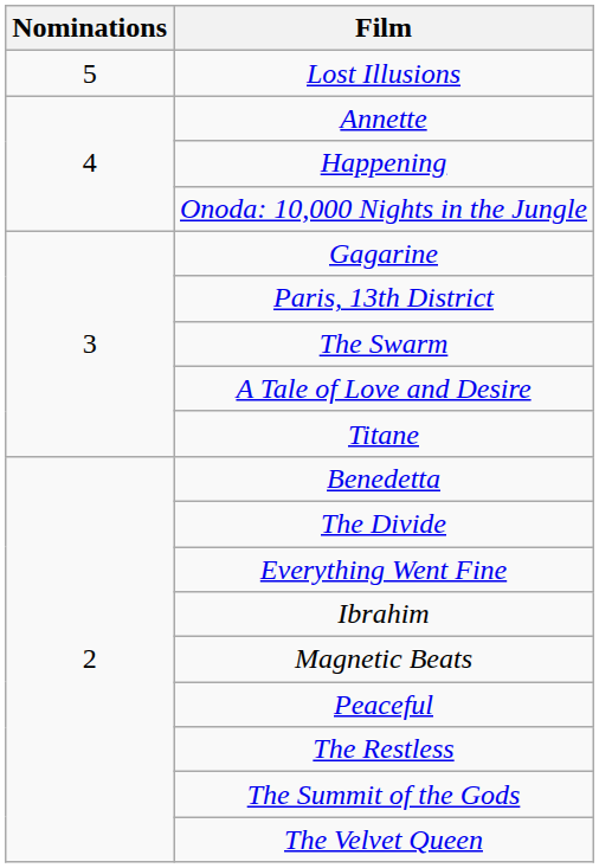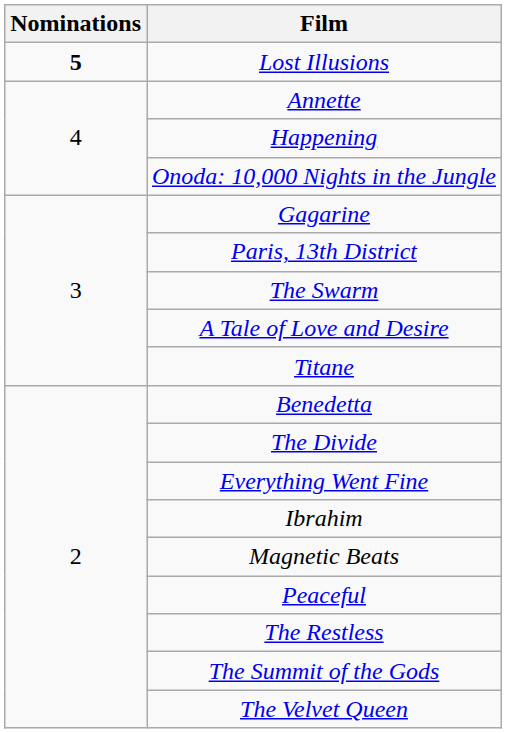 <table class="wikitable plainrowheaders" style="text-align: center;">
 <tr>
 <th scope="col" style="width:55px;">Nominations</th>
 <th scope="col" style="text-align:center;">Film</th>
 </tr>
 <tr>
-<td>5</td>
+<td><strong>5</strong></td>
 <td><em><a href='#'>Lost Illusions</a></em></td>
 </tr>
 <tr>
 <td rowspan="3">4</td>
 <td><em><a href='#'>Annette</a></em></td>
 </tr>
 <tr>
 <td><em><a href='#'>Happening</a></em></td>
 </tr>
 <tr>
 <td><em><a href='#'>Onoda: 10,000 Nights in the Jungle</a></em></td>
 </tr>
 <tr>
 <td rowspan="5">3</td>
 <td><em><a href='#'>Gagarine</a></em></td>
 </tr>
 <tr>
 <td><em><a href='#'>Paris, 13th District</a></em></td>
 </tr>
 <tr>
 <td><em><a href='#'>The Swarm</a></em></td>
 </tr>
 <tr>
 <td><em><a href='#'>A Tale of Love and Desire</a></em></td>
 </tr>
 <tr>
 <td><em><a href='#'>Titane</a></em></td>
 </tr>
 <tr>
 <td rowspan="9">2</td>
 <td><em><a href='#'>Benedetta</a></em></td>
 </tr>
 <tr>
 <td><em><a href='#'>The Divide</a></em></td>
 </tr>
 <tr>
 <td><em><a href='#'>Everything Went Fine</a></em></td>
 </tr>
 <tr>
 <td><em>Ibrahim</em></td>
 </tr>
 <tr>
 <td><em>Magnetic Beats</em></td>
 </tr>
 <tr>
 <td><em><a href='#'>Peaceful</a></em></td>
 </tr>
 <tr>
 <td><em><a href='#'>The Restless</a></em></td>
 </tr>
 <tr>
 <td><em><a href='#'>The Summit of the Gods</a></em></td>
 </tr>
 <tr>
 <td><em><a href='#'>The Velvet Queen</a></em></td>
 </tr>
 </table>
